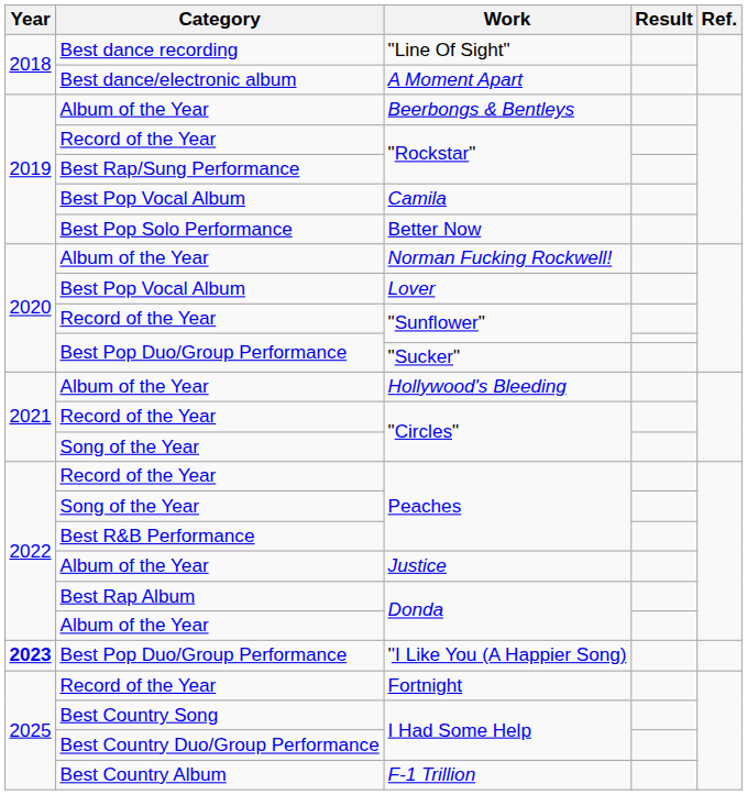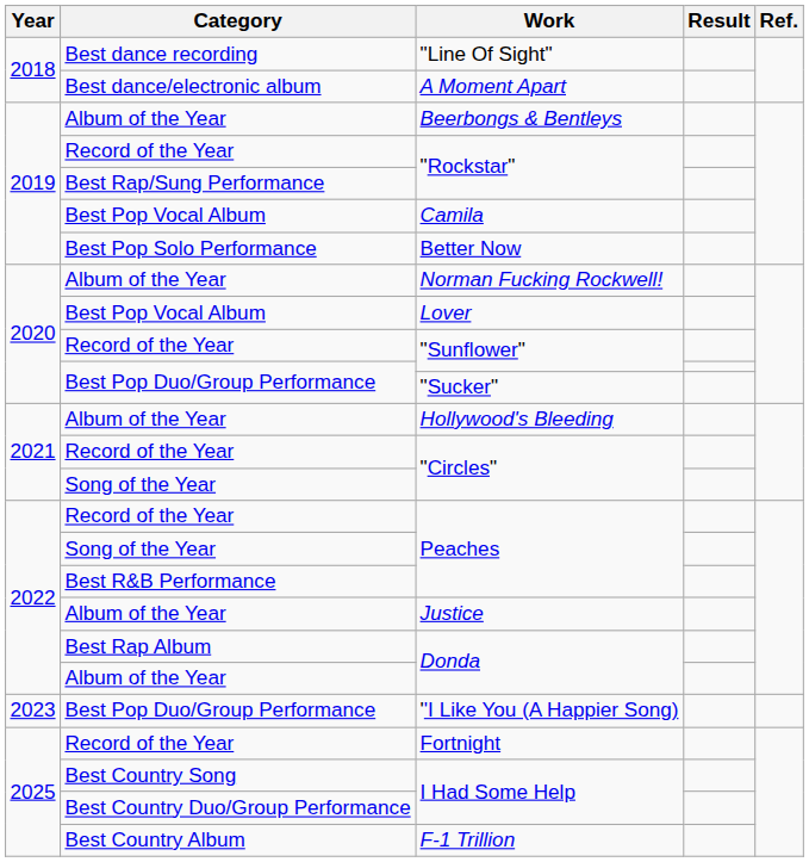 <table class="wikitable">
 <tr>
 <th>Year</th>
 <th>Category</th>
 <th>Work</th>
 <th>Result</th>
 <th>Ref.</th>
 </tr>
 <tr>
 <td rowspan="2"><a href='#'>2018</a></td>
 <td><a href='#'>Best dance recording</a></td>
 <td “Line of Sight”>"Line Of Sight"</td>
 <td></td>
 <td rowspan="2"></td>
 </tr>
 <tr>
 <td><a href='#'>Best dance/electronic album</a></td>
 <td><em><a href='#'>A Moment Apart</a></em></td>
 <td></td>
 </tr>
 <tr>
 <td rowspan="5"><a href='#'>2019</a></td>
 <td><a href='#'>Album of the Year</a></td>
 <td><em><a href='#'>Beerbongs & Bentleys</a></em></td>
 <td></td>
 <td rowspan="5"></td>
 </tr>
 <tr>
 <td><a href='#'>Record of the Year</a></td>
 <td rowspan="2">"<a href='#'>Rockstar</a>"</td>
 <td></td>
 </tr>
 <tr>
 <td><a href='#'>Best Rap/Sung Performance</a></td>
 <td></td>
 </tr>
 <tr>
 <td><a href='#'>Best Pop Vocal Album</a></td>
 <td><em><a href='#'>Camila</a></em></td>
 <td></td>
 </tr>
 <tr>
 <td><a href='#'>Best Pop Solo Performance</a></td>
 <td><a href='#'>Better Now</a></td>
 <td></td>
 </tr>
 <tr>
 <td rowspan="5"><a href='#'>2020</a></td>
 <td><a href='#'>Album of the Year</a></td>
 <td><em><a href='#'>Norman Fucking Rockwell!</a></em></td>
 <td></td>
 <td rowspan="5"></td>
 </tr>
 <tr>
 <td><a href='#'>Best Pop Vocal Album</a></td>
 <td><em><a href='#'>Lover</a></em></td>
 <td></td>
 </tr>
 <tr>
 <td><a href='#'>Record of the Year</a></td>
 <td rowspan="2">"<a href='#'>Sunflower</a>"</td>
 <td></td>
 </tr>
 <tr>
 <td rowspan="2"><a href='#'>Best Pop Duo/Group Performance</a></td>
 <td></td>
 </tr>
 <tr>
 <td>"<a href='#'>Sucker</a>"</td>
 <td></td>
 </tr>
 <tr>
 <td rowspan="3"><a href='#'>2021</a></td>
 <td><a href='#'>Album of the Year</a></td>
 <td><em><a href='#'>Hollywood's Bleeding</a></em></td>
 <td></td>
 <td rowspan="3"></td>
 </tr>
 <tr>
 <td><a href='#'>Record of the Year</a></td>
 <td rowspan="2">"<a href='#'>Circles</a>"</td>
 <td></td>
 </tr>
 <tr>
 <td><a href='#'>Song of the Year</a></td>
 <td></td>
 </tr>
 <tr>
 <td rowspan="6"><a href='#'>2022</a></td>
 <td><a href='#'>Record of the Year</a></td>
 <td rowspan="3"><a href='#'>Peaches</a></td>
 <td></td>
 <td rowspan="6"></td>
 </tr>
 <tr>
 <td><a href='#'>Song of the Year</a></td>
 <td></td>
 </tr>
 <tr>
 <td><a href='#'>Best R&B Performance</a></td>
 <td></td>
 </tr>
 <tr>
 <td><a href='#'>Album of the Year</a></td>
 <td><a href='#'><em>Justice</em></a></td>
 <td></td>
 </tr>
 <tr>
 <td><a href='#'>Best Rap Album</a></td>
 <td rowspan="2"><em><a href='#'>Donda</a></em></td>
 <td></td>
 </tr>
 <tr>
 <td><a href='#'>Album of the Year</a></td>
 <td></td>
 </tr>
 <tr>
-<td><strong><a href='#'>2023</a></strong></td>
+<td><a href='#'>2023</a></td>
 <td><a href='#'>Best Pop Duo/Group Performance</a></td>
 <td>'<a href='#'>'I Like You (A Happier Song)</a></td>
 <td></td>
 <td></td>
 </tr>
 <tr>
 <td rowspan="4"><a href='#'>2025</a></td>
 <td><a href='#'>Record of the Year</a></td>
 <td rowspan="1"><a href='#'>Fortnight</a></td>
 <td></td>
 <td rowspan="7"></td>
 </tr>
 <tr>
 <td><a href='#'>Best Country Song</a></td>
 <td rowspan="2"><a href='#'>I Had Some Help</a></td>
 <td></td>
 </tr>
 <tr>
 <td><a href='#'>Best Country Duo/Group Performance</a></td>
 <td></td>
 </tr>
 <tr>
 <td><a href='#'>Best Country Album</a></td>
 <td rowspan="1"><em><a href='#'>F-1 Trillion</a></em></td>
 <td></td>
 </tr>
 </table>
